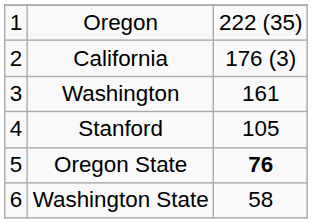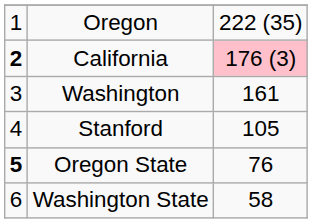 <table class="wikitable" style="display: inline-table;">
 <tr align="center">
 </tr>
 <tr align="center">
 <td>1</td>
 <td>Oregon</td>
 <td>222 (35)</td>
 </tr>
 <tr align="center">
-<td>2</td>
+<td><strong>2</strong></td>
 <td>California</td>
-<td>176 (3)</td>
+<td style="background: pink;">176 (3)</td>
 </tr>
 <tr align="center">
 <td>3</td>
 <td>Washington</td>
 <td>161</td>
 </tr>
 <tr align="center">
 <td>4</td>
 <td>Stanford</td>
 <td>105</td>
 </tr>
 <tr align="center">
-<td>5</td>
+<td><strong>5</strong></td>
 <td>Oregon State</td>
-<td><strong>76</strong></td>
+<td>76</td>
 </tr>
 <tr align="center">
 <td>6</td>
 <td>Washington State</td>
 <td>58</td>
 </tr>
 </table>
